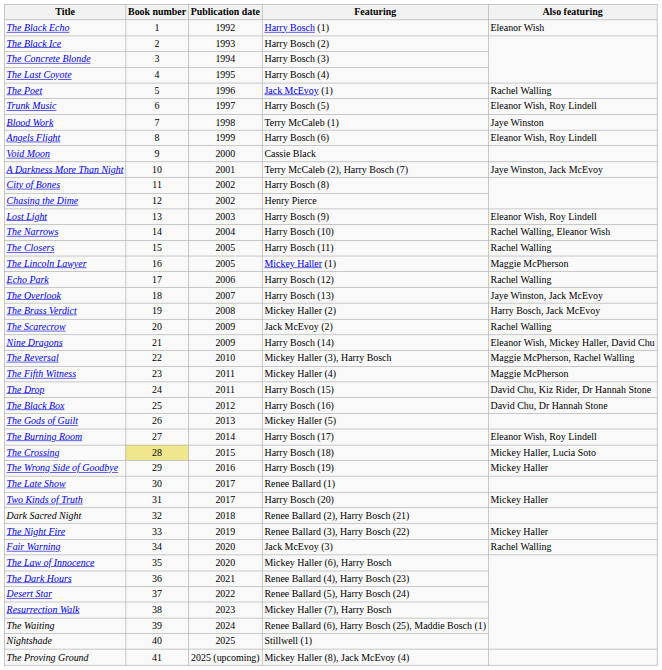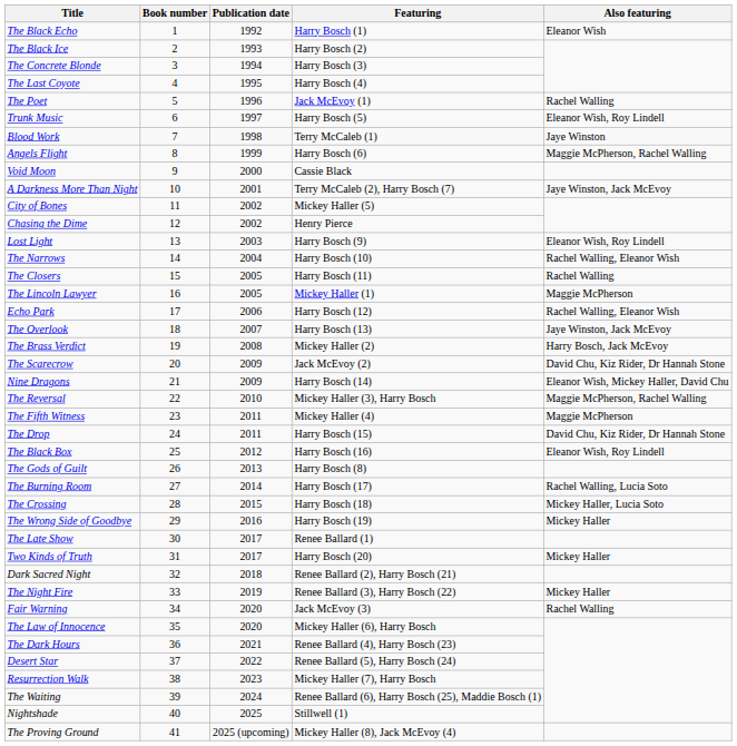 <table class="wikitable plainrowheaders sortable" style="margin-right: 0;">
 <tr>
 <th>Title</th>
 <th>Book num­ber</th>
 <th>Pub­li­ca­tion date</th>
 <th>Featuring</th>
 <th>Also featuring</th>
 </tr>
 <tr>
 <td><em><a href='#'>The Black Echo</a></em></td>
 <td style="text-align:center">1</td>
 <td style="text-align:center">1992</td>
 <td><a href='#'>Harry Bosch</a> (1)</td>
 <td>Eleanor Wish</td>
 </tr>
 <tr>
 <td><em><a href='#'>The Black Ice</a></em></td>
 <td style="text-align:center">2</td>
 <td style="text-align:center">1993</td>
 <td>Harry Bosch (2)</td>
 <td rowspan="3"></td>
 </tr>
 <tr>
 <td><em><a href='#'>The Concrete Blonde</a></em></td>
 <td style="text-align:center">3</td>
 <td style="text-align:center">1994</td>
 <td>Harry Bosch (3)</td>
 </tr>
 <tr>
 <td><em><a href='#'>The Last Coyote</a></em></td>
 <td style="text-align:center">4</td>
 <td style="text-align:center">1995</td>
 <td>Harry Bosch (4)</td>
 </tr>
 <tr>
 <td><em><a href='#'>The Poet</a></em></td>
 <td style="text-align:center">5</td>
 <td style="text-align:center">1996</td>
 <td><a href='#'>Jack McEvoy</a> (1)</td>
 <td>Rachel Walling</td>
 </tr>
 <tr>
 <td><em><a href='#'>Trunk Music</a></em></td>
 <td style="text-align:center">6</td>
 <td style="text-align:center">1997</td>
 <td>Harry Bosch (5)</td>
 <td>Eleanor Wish, Roy Lindell</td>
 </tr>
 <tr>
 <td><em><a href='#'>Blood Work</a></em></td>
 <td style="text-align:center">7</td>
 <td style="text-align:center">1998</td>
 <td>Terry McCaleb (1)</td>
 <td>Jaye Winston</td>
 </tr>
 <tr>
 <td><em><a href='#'>Angels Flight</a></em></td>
 <td style="text-align:center">8</td>
 <td style="text-align:center">1999</td>
 <td>Harry Bosch (6)</td>
-<td>Eleanor Wish, Roy Lindell</td>
+<td>Maggie McPherson, Rachel Walling</td>
 </tr>
 <tr>
 <td><em><a href='#'>Void Moon</a></em></td>
 <td style="text-align:center">9</td>
 <td style="text-align:center">2000</td>
 <td>Cassie Black</td>
 <td></td>
 </tr>
 <tr>
 <td><em><a href='#'>A Darkness More Than Night</a></em></td>
 <td style="text-align:center">10</td>
 <td style="text-align:center">2001</td>
 <td>Terry McCaleb (2), Harry Bosch (7)</td>
 <td>Jaye Winston, Jack McEvoy</td>
 </tr>
 <tr>
 <td><em><a href='#'>City of Bones</a></em></td>
 <td style="text-align:center">11</td>
 <td style="text-align:center">2002</td>
-<td>Harry Bosch (8)</td>
+<td>Mickey Haller (5)</td>
 <td rowspan="2"></td>
 </tr>
 <tr>
 <td><em><a href='#'>Chasing the Dime</a></em></td>
 <td style="text-align:center">12</td>
 <td style="text-align:center">2002</td>
 <td>Henry Pierce</td>
 </tr>
 <tr>
 <td><em><a href='#'>Lost Light</a></em></td>
 <td style="text-align:center">13</td>
 <td style="text-align:center">2003</td>
 <td>Harry Bosch (9)</td>
 <td>Eleanor Wish, Roy Lindell</td>
 </tr>
 <tr>
 <td><em><a href='#'>The Narrows</a></em></td>
 <td style="text-align:center">14</td>
 <td style="text-align:center">2004</td>
 <td>Harry Bosch (10)</td>
 <td>Rachel Walling, Eleanor Wish</td>
 </tr>
 <tr>
 <td><em><a href='#'>The Closers</a></em></td>
 <td style="text-align:center">15</td>
 <td style="text-align:center">2005</td>
 <td>Harry Bosch (11)</td>
 <td>Rachel Walling</td>
 </tr>
 <tr>
 <td><em><a href='#'>The Lincoln Lawyer</a></em></td>
 <td style="text-align:center">16</td>
 <td style="text-align:center">2005</td>
 <td><a href='#'>Mickey Haller</a> (1)</td>
 <td>Maggie McPherson</td>
 </tr>
 <tr>
 <td><em><a href='#'>Echo Park</a></em></td>
 <td style="text-align:center">17</td>
 <td style="text-align:center">2006</td>
 <td>Harry Bosch (12)</td>
-<td>Rachel Walling</td>
+<td>Rachel Walling, Eleanor Wish</td>
 </tr>
 <tr>
 <td><em><a href='#'>The Overlook</a></em></td>
 <td style="text-align:center">18</td>
 <td style="text-align:center">2007</td>
 <td>Harry Bosch (13)</td>
 <td>Jaye Winston, Jack McEvoy</td>
 </tr>
 <tr>
 <td><em><a href='#'>The Brass Verdict</a></em></td>
 <td style="text-align:center">19</td>
 <td style="text-align:center">2008</td>
 <td>Mickey Haller (2)</td>
 <td>Harry Bosch, Jack McEvoy</td>
 </tr>
 <tr>
 <td><em><a href='#'>The Scarecrow</a></em></td>
 <td style="text-align:center">20</td>
 <td style="text-align:center">2009</td>
 <td>Jack McEvoy (2)</td>
-<td>Rachel Walling</td>
+<td>David Chu, Kiz Rider, Dr Hannah Stone</td>
 </tr>
 <tr>
 <td><em><a href='#'>Nine Dragons</a></em></td>
 <td style="text-align:center">21</td>
 <td style="text-align:center">2009</td>
 <td>Harry Bosch (14)</td>
 <td>Eleanor Wish, Mickey Haller, David Chu</td>
 </tr>
 <tr>
 <td><em><a href='#'>The Reversal</a></em></td>
 <td style="text-align:center">22</td>
 <td style="text-align:center">2010</td>
 <td>Mickey Haller (3), Harry Bosch</td>
 <td>Maggie McPherson, Rachel Walling</td>
 </tr>
 <tr>
 <td><em><a href='#'>The Fifth Witness</a></em></td>
 <td style="text-align:center">23</td>
 <td style="text-align:center">2011</td>
 <td>Mickey Haller (4)</td>
 <td>Maggie McPherson</td>
 </tr>
 <tr>
 <td><em><a href='#'>The Drop</a></em></td>
 <td style="text-align:center">24</td>
 <td style="text-align:center">2011</td>
 <td>Harry Bosch (15)</td>
 <td>David Chu, Kiz Rider, Dr Hannah Stone</td>
 </tr>
 <tr>
 <td><em><a href='#'>The Black Box</a></em></td>
 <td style="text-align:center">25</td>
 <td style="text-align:center">2012</td>
 <td>Harry Bosch (16)</td>
-<td>David Chu, Dr Hannah Stone</td>
+<td>Eleanor Wish, Roy Lindell</td>
 </tr>
 <tr>
 <td><em><a href='#'>The Gods of Guilt</a></em></td>
 <td style="text-align:center">26</td>
 <td style="text-align:center">2013</td>
-<td>Mickey Haller (5)</td>
+<td>Harry Bosch (8)</td>
 <td></td>
 </tr>
 <tr>
 <td><em><a href='#'>The Burning Room</a></em></td>
 <td style="text-align:center">27</td>
 <td style="text-align:center">2014</td>
 <td>Harry Bosch (17)</td>
-<td>Eleanor Wish, Roy Lindell</td>
+<td>Rachel Walling, Lucia Soto</td>
 </tr>
 <tr>
 <td><em><a href='#'>The Crossing</a></em></td>
-<td style="background: khaki; text-align:center">28</td>
+<td style="text-align:center">28</td>
 <td style="text-align:center">2015</td>
 <td>Harry Bosch (18)</td>
 <td>Mickey Haller, Lucia Soto</td>
 </tr>
 <tr>
 <td><em><a href='#'>The Wrong Side of Goodbye</a></em></td>
 <td style="text-align:center">29</td>
 <td style="text-align:center">2016</td>
 <td>Harry Bosch (19)</td>
 <td>Mickey Haller</td>
 </tr>
 <tr>
 <td><em><a href='#'>The Late Show</a></em></td>
 <td style="text-align:center">30</td>
 <td style="text-align:center">2017</td>
 <td>Renee Ballard (1)</td>
 <td></td>
 </tr>
 <tr>
 <td><em><a href='#'>Two Kinds of Truth</a></em></td>
 <td style="text-align:center">31</td>
 <td style="text-align:center">2017</td>
 <td>Harry Bosch (20)</td>
 <td>Mickey Haller</td>
 </tr>
 <tr>
 <td><em>Dark Sacred Night</em></td>
 <td style="text-align:center">32</td>
 <td style="text-align:center">2018</td>
 <td>Renee Ballard (2), Harry Bosch (21)</td>
 <td></td>
 </tr>
 <tr>
 <td><em><a href='#'>The Night Fire</a></em></td>
 <td style="text-align:center">33</td>
 <td style="text-align:center">2019</td>
 <td>Renee Ballard (3), Harry Bosch (22)</td>
 <td>Mickey Haller</td>
 </tr>
 <tr>
 <td><em><a href='#'>Fair Warning</a></em></td>
 <td style="text-align:center">34</td>
 <td style="text-align:center">2020</td>
 <td>Jack McEvoy (3)</td>
 <td>Rachel Walling</td>
 </tr>
 <tr>
 <td><em><a href='#'>The Law of Innocence</a></em></td>
 <td style="text-align:center">35</td>
 <td style="text-align:center">2020</td>
 <td>Mickey Haller (6), Harry Bosch</td>
 <td rowspan="6"></td>
 </tr>
 <tr>
 <td><em><a href='#'>The Dark Hours</a></em></td>
 <td style="text-align:center">36</td>
 <td style="text-align:center">2021</td>
 <td>Renee Ballard (4), Harry Bosch (23)</td>
 </tr>
 <tr>
 <td><em><a href='#'>Desert Star</a></em></td>
 <td style="text-align:center">37</td>
 <td style="text-align:center">2022</td>
 <td>Renee Ballard (5), Harry Bosch (24)</td>
 </tr>
 <tr>
 <td><em><a href='#'>Resurrection Walk</a></em></td>
 <td style="text-align:center">38</td>
 <td style="text-align:center">2023</td>
 <td>Mickey Haller (7), Harry Bosch</td>
 </tr>
 <tr>
 <td><em>The Waiting</em></td>
 <td style="text-align:center">39</td>
 <td style="text-align:center">2024</td>
 <td>Renee Ballard (6), Harry Bosch (25), Maddie Bosch (1)</td>
 </tr>
 <tr>
 <td><em>Nightshade</em></td>
 <td style="text-align:center">40</td>
 <td style="text-align:center">2025</td>
 <td>Stillwell (1)</td>
 </tr>
 <tr>
 <td><em>The Proving Ground</em></td>
 <td style="text-align:center">41</td>
 <td style="text-align:center">2025 (upcoming)</td>
 <td>Mickey Haller (8), Jack McEvoy (4)</td>
 </tr>
 </table>
